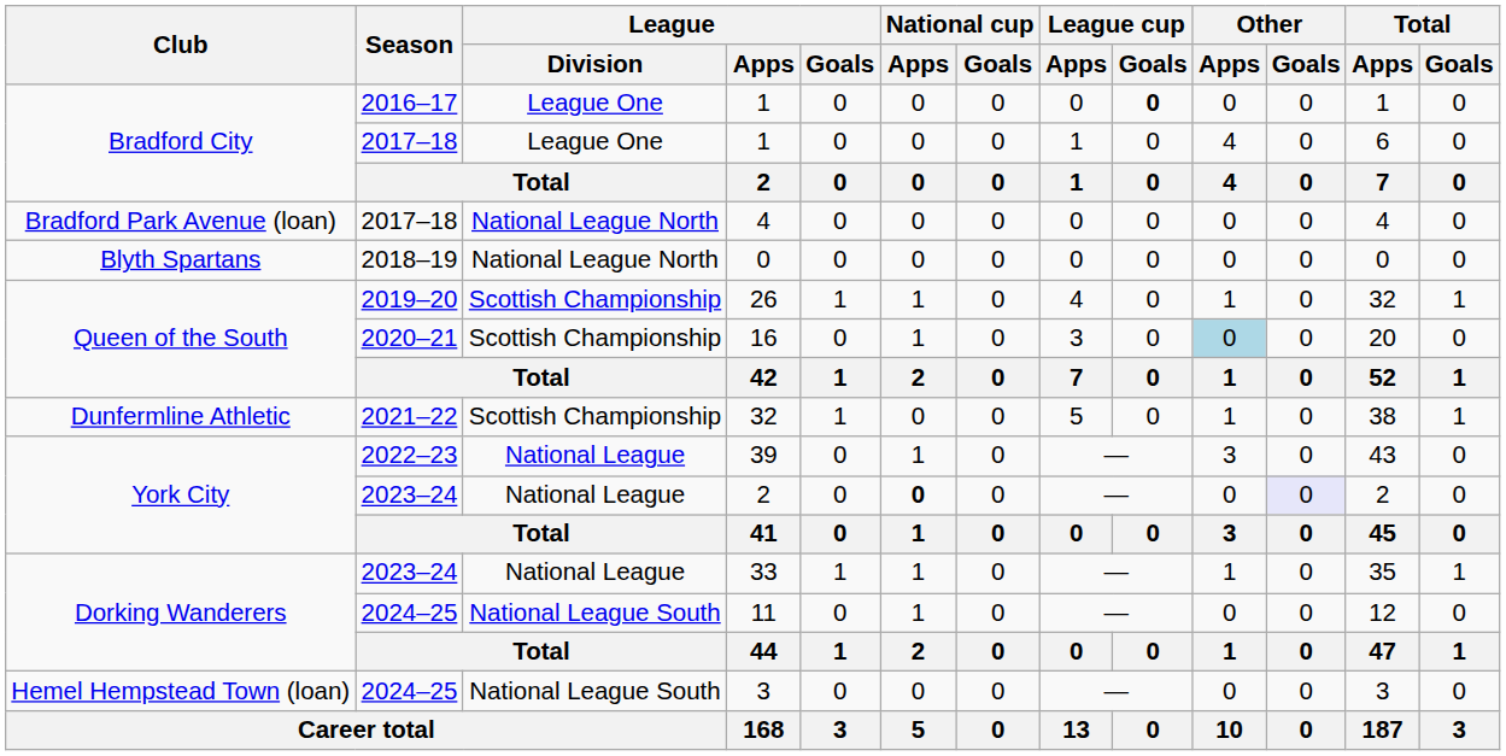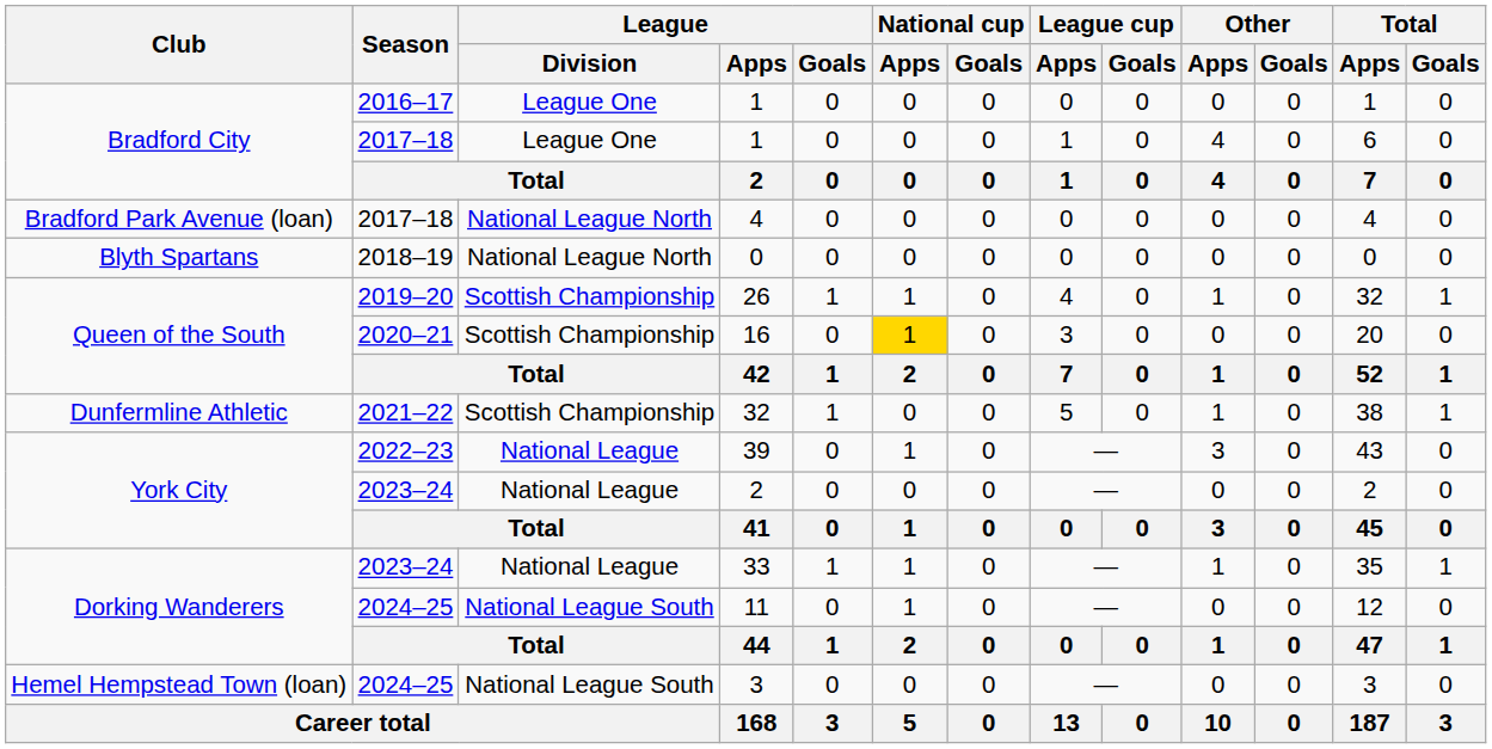 <table class="wikitable" style="text-align:center">
 <tr>
 <th rowspan="2">Club</th>
 <th rowspan="2">Season</th>
 <th colspan="3">League</th>
 <th colspan="2">National cup</th>
 <th colspan="2">League cup</th>
 <th colspan="2">Other</th>
 <th colspan="2">Total</th>
 </tr>
 <tr>
 <th>Division</th>
 <th>Apps</th>
 <th>Goals</th>
 <th>Apps</th>
 <th>Goals</th>
 <th>Apps</th>
 <th>Goals</th>
 <th>Apps</th>
 <th>Goals</th>
 <th>Apps</th>
 <th>Goals</th>
 </tr>
 <tr>
 <td rowspan="3"><a href='#'>Bradford City</a></td>
 <td><a href='#'>2016–17</a></td>
 <td><a href='#'>League One</a></td>
 <td>1</td>
 <td>0</td>
 <td>0</td>
 <td>0</td>
 <td>0</td>
-<td><strong>0</strong></td>
+<td>0</td>
 <td>0</td>
 <td>0</td>
 <td>1</td>
 <td>0</td>
 </tr>
 <tr>
 <td><a href='#'>2017–18</a></td>
 <td>League One</td>
 <td>1</td>
 <td>0</td>
 <td>0</td>
 <td>0</td>
 <td>1</td>
 <td>0</td>
 <td>4</td>
 <td>0</td>
 <td>6</td>
 <td>0</td>
 </tr>
 <tr>
 <th colspan="2">Total</th>
 <th>2</th>
 <th>0</th>
 <th>0</th>
 <th>0</th>
 <th>1</th>
 <th>0</th>
 <th>4</th>
 <th>0</th>
 <th>7</th>
 <th>0</th>
 </tr>
 <tr>
 <td><a href='#'>Bradford Park Avenue</a> (loan)</td>
 <td>2017–18</td>
 <td><a href='#'>National League North</a></td>
 <td>4</td>
 <td>0</td>
 <td>0</td>
 <td>0</td>
 <td>0</td>
 <td>0</td>
 <td>0</td>
 <td>0</td>
 <td>4</td>
 <td>0</td>
 </tr>
 <tr>
 <td><a href='#'>Blyth Spartans</a></td>
 <td>2018–19</td>
 <td>National League North</td>
 <td>0</td>
 <td>0</td>
 <td>0</td>
 <td>0</td>
 <td>0</td>
 <td>0</td>
 <td>0</td>
 <td>0</td>
 <td>0</td>
 <td>0</td>
 </tr>
 <tr>
 <td rowspan="3"><a href='#'>Queen of the South</a></td>
 <td><a href='#'>2019–20</a></td>
 <td><a href='#'>Scottish Championship</a></td>
 <td>26</td>
 <td>1</td>
 <td>1</td>
 <td>0</td>
 <td>4</td>
 <td>0</td>
 <td>1</td>
 <td>0</td>
 <td>32</td>
 <td>1</td>
 </tr>
 <tr>
 <td><a href='#'>2020–21</a></td>
 <td>Scottish Championship</td>
 <td>16</td>
 <td>0</td>
-<td>1</td>
+<td style="background: gold;">1</td>
 <td>0</td>
 <td>3</td>
 <td>0</td>
-<td style="background: lightblue;">0</td>
+<td>0</td>
 <td>0</td>
 <td>20</td>
 <td>0</td>
 </tr>
 <tr>
 <th colspan="2">Total</th>
 <th>42</th>
 <th>1</th>
 <th>2</th>
 <th>0</th>
 <th>7</th>
 <th>0</th>
 <th>1</th>
 <th>0</th>
 <th>52</th>
 <th>1</th>
 </tr>
 <tr>
 <td><a href='#'>Dunfermline Athletic</a></td>
 <td><a href='#'>2021–22</a></td>
 <td>Scottish Championship</td>
 <td>32</td>
 <td>1</td>
 <td>0</td>
 <td>0</td>
 <td>5</td>
 <td>0</td>
 <td>1</td>
 <td>0</td>
 <td>38</td>
 <td>1</td>
 </tr>
 <tr>
 <td rowspan="3"><a href='#'>York City</a></td>
 <td><a href='#'>2022–23</a></td>
 <td><a href='#'>National League</a></td>
 <td>39</td>
 <td>0</td>
 <td>1</td>
 <td>0</td>
 <td colspan="2">—</td>
 <td>3</td>
 <td>0</td>
 <td>43</td>
 <td>0</td>
 </tr>
 <tr>
 <td><a href='#'>2023–24</a></td>
 <td>National League</td>
 <td>2</td>
 <td>0</td>
-<td><strong>0</strong></td>
+<td>0</td>
 <td>0</td>
 <td colspan="2">—</td>
 <td>0</td>
-<td style="background: lavender;">0</td>
+<td>0</td>
 <td>2</td>
 <td>0</td>
 </tr>
 <tr>
 <th colspan="2">Total</th>
 <th>41</th>
 <th>0</th>
 <th>1</th>
 <th>0</th>
 <th>0</th>
 <th>0</th>
 <th>3</th>
 <th>0</th>
 <th>45</th>
 <th>0</th>
 </tr>
 <tr>
 <td rowspan="3"><a href='#'>Dorking Wanderers</a></td>
 <td><a href='#'>2023–24</a></td>
 <td>National League</td>
 <td>33</td>
 <td>1</td>
 <td>1</td>
 <td>0</td>
 <td colspan="2">—</td>
 <td>1</td>
 <td>0</td>
 <td>35</td>
 <td>1</td>
 </tr>
 <tr>
 <td><a href='#'>2024–25</a></td>
 <td><a href='#'>National League South</a></td>
 <td>11</td>
 <td>0</td>
 <td>1</td>
 <td>0</td>
 <td colspan="2">—</td>
 <td>0</td>
 <td>0</td>
 <td>12</td>
 <td>0</td>
 </tr>
 <tr>
 <th colspan="2">Total</th>
 <th>44</th>
 <th>1</th>
 <th>2</th>
 <th>0</th>
 <th>0</th>
 <th>0</th>
 <th>1</th>
 <th>0</th>
 <th>47</th>
 <th>1</th>
 </tr>
 <tr>
 <td><a href='#'>Hemel Hempstead Town</a> (loan)</td>
 <td><a href='#'>2024–25</a></td>
 <td>National League South</td>
 <td>3</td>
 <td>0</td>
 <td>0</td>
 <td>0</td>
 <td colspan="2">—</td>
 <td>0</td>
 <td>0</td>
 <td>3</td>
 <td>0</td>
 </tr>
 <tr>
 <th colspan="3">Career total</th>
 <th>168</th>
 <th>3</th>
 <th>5</th>
 <th>0</th>
 <th>13</th>
 <th>0</th>
 <th>10</th>
 <th>0</th>
 <th>187</th>
 <th>3</th>
 </tr>
 </table>
